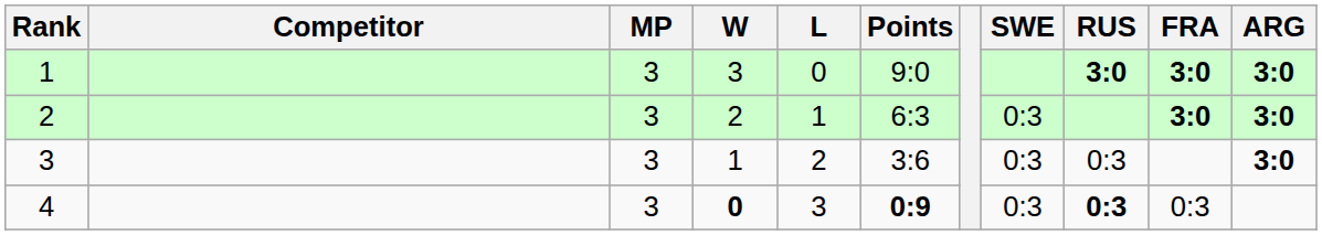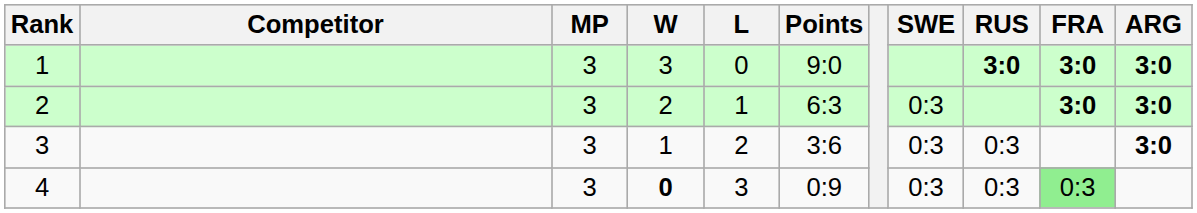 <table class="wikitable" style="text-align:center">
 <tr>
 <th>Rank</th>
 <th style="width:18em">Competitor</th>
 <th style="width:2.5em">MP</th>
 <th style="width:2.5em">W</th>
 <th style="width:2.5em">L</th>
 <th>Points</th>
 <th rowspan="5"> </th>
 <th style="width:2.5em">SWE</th>
 <th style="width:2.5em">RUS</th>
 <th style="width:2.5em">FRA</th>
 <th style="width:2.5em">ARG</th>
 </tr>
 <tr style="background:#cfc;">
 <td>1</td>
 <td style="text-align:left"></td>
 <td>3</td>
 <td>3</td>
 <td>0</td>
 <td>9:0</td>
 <td></td>
 <td><strong>3:0</strong></td>
 <td><strong>3:0</strong></td>
 <td><strong>3:0</strong></td>
 </tr>
 <tr style="background:#cfc;">
 <td>2</td>
 <td style="text-align:left"></td>
 <td>3</td>
 <td>2</td>
 <td>1</td>
 <td>6:3</td>
 <td>0:3</td>
 <td></td>
 <td><strong>3:0</strong></td>
 <td><strong>3:0</strong></td>
 </tr>
 <tr>
 <td>3</td>
 <td style="text-align:left"></td>
 <td>3</td>
 <td>1</td>
 <td>2</td>
 <td>3:6</td>
 <td>0:3</td>
 <td>0:3</td>
 <td></td>
 <td><strong>3:0</strong></td>
 </tr>
 <tr>
 <td>4</td>
 <td style="text-align:left"></td>
 <td>3</td>
 <td><strong>0</strong></td>
 <td>3</td>
-<td><strong>0:9</strong></td>
+<td>0:9</td>
 <td>0:3</td>
-<td><strong>0:3</strong></td>
 <td>0:3</td>
+<td style="background: lightgreen;">0:3</td>
 <td></td>
 </tr>
 </table>
